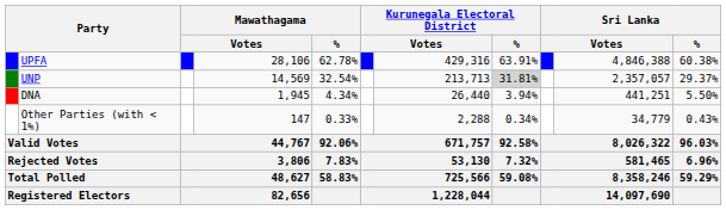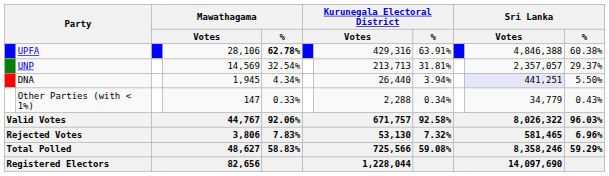 <table class="wikitable">
 <tr>
 <th colspan="2" width="144px"rowspan="2">Party</th>
 <th colspan="3" width="216px">Mawathagama</th>
 <th colspan="3" width="216px"><a href='#'>Kurunegala Electoral District</a></th>
 <th colspan="3" width="216px">Sri Lanka</th>
 </tr>
 <tr>
 <th colspan="2" width="144px">Votes</th>
 <th>%</th>
 <th colspan="2" width="144px">Votes</th>
 <th>%</th>
 <th colspan="2" width="144px">Votes</th>
 <th>%</th>
 </tr>
 <tr>
 <td style="background-color:blue;" width="10px"></td>
 <td style="text-align:left;"><a href='#'>UPFA</a></td>
 <td style="background-color:blue;" width="10px"></td>
 <td style="text-align:right;">28,106</td>
-<td style="text-align:right;">62.78%</td>
+<td style="text-align:right;"><strong>62.78%</strong></td>
 <td style="background-color:blue;" width="10px"></td>
 <td style="text-align:right;">429,316</td>
 <td style="text-align:right;">63.91%</td>
 <td style="background-color:blue;" width="10px"></td>
 <td style="text-align:right;">4,846,388</td>
 <td style="text-align:right;">60.38%</td>
 </tr>
 <tr>
 <td style="background-color:green;" width="10px"></td>
 <td style="text-align:left;"><a href='#'>UNP</a></td>
 <td style="background-color:white;" width="10px"></td>
 <td style="text-align:right;">14,569</td>
 <td style="text-align:right;">32.54%</td>
 <td style="background-color:white;" width="10px"></td>
 <td style="text-align:right;">213,713</td>
-<td style="background: lightgrey; text-align:right;">31.81%</td>
+<td style="text-align:right;">31.81%</td>
 <td style="background-color:white;" width="10px"></td>
 <td style="text-align:right;">2,357,057</td>
 <td style="text-align:right;">29.37%</td>
 </tr>
 <tr>
 <td style="background-color:red;" width="10px"></td>
 <td style="text-align:left;">DNA</td>
 <td style="background-color:white;" width="10px"></td>
 <td style="text-align:right;">1,945</td>
 <td style="text-align:right;">4.34%</td>
 <td style="background-color:white;" width="10px"></td>
 <td style="text-align:right;">26,440</td>
 <td style="text-align:right;">3.94%</td>
 <td style="background-color:white;" width="10px"></td>
-<td style="text-align:right;">441,251</td>
+<td style="background: lavender; text-align:right;">441,251</td>
 <td style="text-align:right;">5.50%</td>
 </tr>
 <tr>
 <td style="background-color:white;" width="10px"></td>
 <td style="text-align:left;">Other Parties (with < 1%)</td>
 <td style="background-color:white;" width="10px"></td>
 <td style="text-align:right;">147</td>
 <td style="text-align:right;">0.33%</td>
 <td style="background-color:white;" width="10px"></td>
 <td style="text-align:right;">2,288</td>
 <td style="text-align:right;">0.34%</td>
 <td style="background-color:white;" width="10px"></td>
 <td style="text-align:right;">34,779</td>
 <td style="text-align:right;">0.43%</td>
 </tr>
 <tr>
 <th colspan="2" width="144px"style="text-align:left;">Valid Votes</th>
 <th style="text-align:right;"colspan="2" width="144px">44,767</th>
 <th style="text-align:right;">92.06%</th>
 <th style="text-align:right;"colspan="2" width="144px">671,757</th>
 <th style="text-align:right;">92.58%</th>
 <th style="text-align:right;"colspan="2" width="144px">8,026,322</th>
 <th style="text-align:right;">96.03%</th>
 </tr>
 <tr>
 <th colspan="2" width="144px"style="text-align:left;">Rejected Votes</th>
 <th style="text-align:right;"colspan="2" width="144px">3,806</th>
 <th style="text-align:right;">7.83%</th>
 <th style="text-align:right;"colspan="2" width="144px">53,130</th>
 <th style="text-align:right;">7.32%</th>
 <th style="text-align:right;"colspan="2" width="144px">581,465</th>
 <th style="text-align:right;">6.96%</th>
 </tr>
 <tr>
 <th colspan="2" width="144px"style="text-align:left;">Total Polled</th>
 <th style="text-align:right;"colspan="2" width="144px">48,627</th>
 <th style="text-align:right;">58.83%</th>
 <th style="text-align:right;"colspan="2" width="144px">725,566</th>
 <th style="text-align:right;">59.08%</th>
 <th style="text-align:right;"colspan="2" width="144px">8,358,246</th>
 <th style="text-align:right;">59.29%</th>
 </tr>
 <tr>
 <th colspan="2" width="144px"style="text-align:left;">Registered Electors</th>
 <th style="text-align:right;"colspan="2" width="144px">82,656</th>
 <th></th>
 <th style="text-align:right;"colspan="2" width="144px">1,228,044</th>
 <th></th>
 <th style="text-align:right;"colspan="2" width="144px">14,097,690</th>
 <th></th>
 </tr>
 </table>
